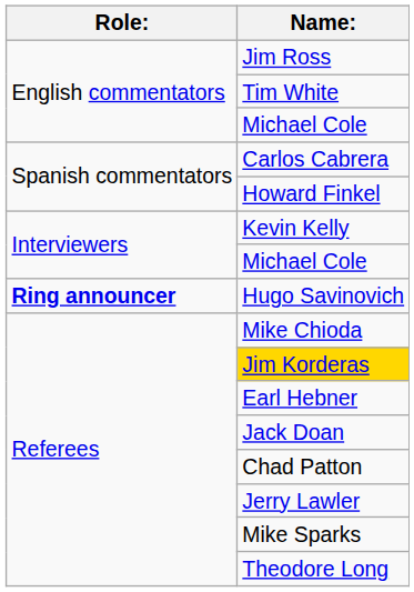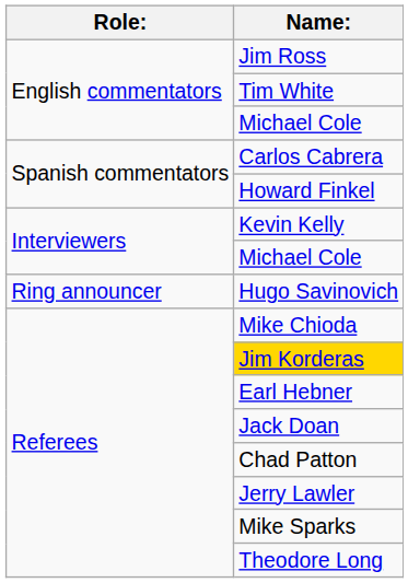 <table class=wikitable style="font-size:90%; margin: 0.5em 0 0.5em 1em; float: right; clear: right;">
 <tr>
 <th>Role:</th>
 <th>Name:</th>
 </tr>
 <tr>
 <td rowspan=3>English <a href='#'>commentators</a></td>
 <td><a href='#'>Jim Ross</a></td>
 </tr>
 <tr>
 <td><a href='#'>Tim White</a></td>
 </tr>
 <tr>
 <td><a href='#'>Michael Cole</a></td>
 </tr>
 <tr>
 <td rowspan=2>Spanish commentators</td>
 <td><a href='#'>Carlos Cabrera</a></td>
 </tr>
 <tr>
 <td><a href='#'>Howard Finkel</a></td>
 </tr>
 <tr>
 <td rowspan="2"><a href='#'>Interviewers</a></td>
 <td><a href='#'>Kevin Kelly</a></td>
 </tr>
 <tr>
 <td><a href='#'>Michael Cole</a></td>
 </tr>
 <tr>
-<td><strong><a href='#'>Ring announcer</a></strong></td>
+<td><a href='#'>Ring announcer</a></td>
 <td><a href='#'>Hugo Savinovich</a></td>
 </tr>
 <tr>
 <td rowspan=8><a href='#'>Referees</a></td>
 <td><a href='#'>Mike Chioda</a></td>
 </tr>
 <tr>
 <td style="background: gold;"><a href='#'>Jim Korderas</a></td>
 </tr>
 <tr>
 <td><a href='#'>Earl Hebner</a></td>
 </tr>
 <tr>
 <td><a href='#'>Jack Doan</a></td>
 </tr>
 <tr>
 <td>Chad Patton</td>
 </tr>
 <tr>
 <td><a href='#'>Jerry Lawler</a></td>
 </tr>
 <tr>
 <td>Mike Sparks</td>
 </tr>
 <tr>
 <td><a href='#'>Theodore Long</a></td>
 </tr>
 </table>
